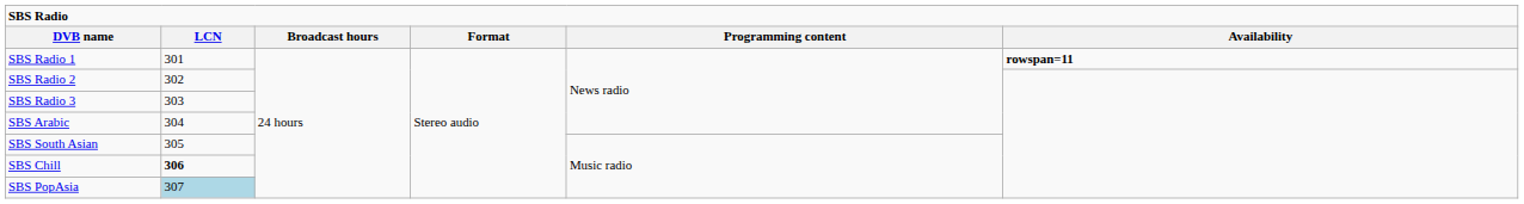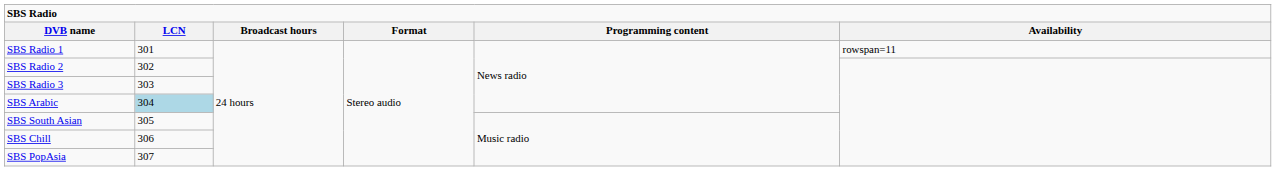 <table class="wikitable mw-collapsible mw-collapsed" style="font-size:85%; width:100%;">
 <tr>
 <td colspan=6><strong>SBS Radio</strong></td>
 </tr>
 <tr>
 <th width="10%"><a href='#'>DVB</a> name</th>
 <th width="6%"><a href='#'>LCN</a></th>
 <th width="10%">Broadcast hours</th>
 <th width="10%">Format</th>
 <th width="28%">Programming content</th>
 <th width="33%">Availability</th>
 </tr>
 <tr>
 <td><a href='#'>SBS Radio 1</a></td>
 <td>301</td>
 <td rowspan=11>24 hours</td>
 <td rowspan=11>Stereo audio</td>
 <td rowspan=4>News radio </td>
-<td><strong>rowspan=11 </strong></td>
+<td>rowspan=11 </td>
 </tr>
 <tr>
 <td><a href='#'>SBS Radio 2</a></td>
 <td>302</td>
 </tr>
 <tr>
 <td><a href='#'>SBS Radio 3</a></td>
 <td>303</td>
 </tr>
 <tr>
 <td><a href='#'>SBS Arabic</a></td>
-<td>304</td>
+<td style="background: lightblue;">304</td>
 </tr>
 <tr>
 <td><a href='#'>SBS South Asian</a></td>
 <td>305</td>
 <td rowspan=3>Music radio </td>
 </tr>
 <tr>
 <td><a href='#'>SBS Chill</a></td>
-<td><strong>306</strong></td>
+<td>306</td>
 </tr>
 <tr>
 <td><a href='#'>SBS PopAsia</a></td>
-<td style="background: lightblue;">307</td>
+<td>307</td>
 </tr>
 </table>
